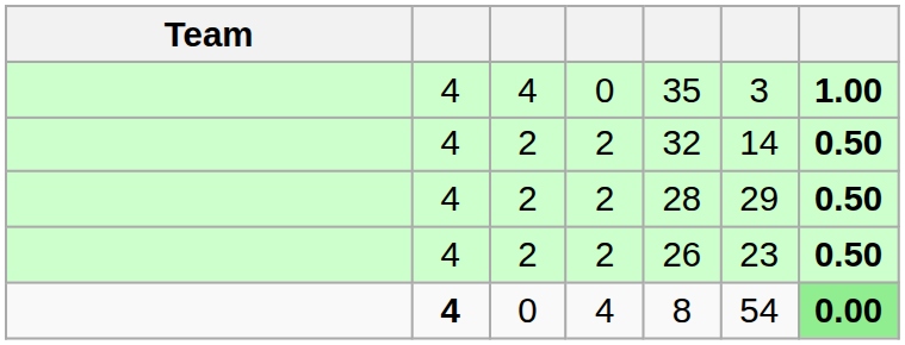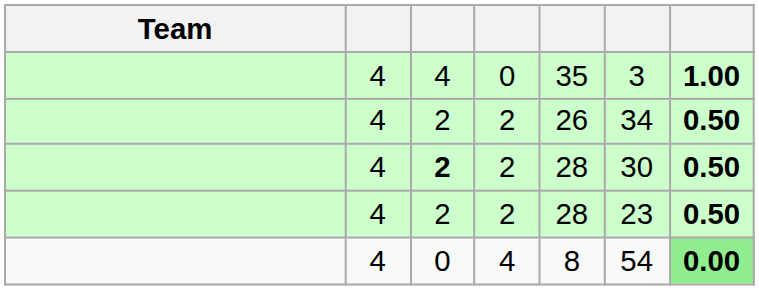 <table class="wikitable" style="text-align:center; font-size:90%;">
 <tr>
 <th width=160>Team</th>
 <th width=25></th>
 <th width=25></th>
 <th width=25></th>
 <th width=25></th>
 <th width=25></th>
 <th width=35></th>
 </tr>
 <tr bgcolor=#ccffcc>
 <td align=left></td>
 <td>4</td>
 <td>4</td>
 <td>0</td>
 <td>35</td>
 <td>3</td>
 <td><strong>1.00</strong></td>
 </tr>
 <tr bgcolor=#ccffcc>
 <td align=left></td>
 <td>4</td>
 <td>2</td>
 <td>2</td>
-<td>32</td>
-<td>14</td>
+<td>26</td>
+<td>34</td>
+<td><strong>0.50</strong></td>
+</tr>
+<tr bgcolor=#ccffcc>
+<td align=left></td>
+<td>4</td>
+<td><strong>2</strong></td>
+<td>2</td>
+<td>28</td>
+<td>30</td>
 <td><strong>0.50</strong></td>
 </tr>
 <tr bgcolor=#ccffcc>
 <td align=left></td>
 <td>4</td>
 <td>2</td>
 <td>2</td>
 <td>28</td>
-<td>29</td>
-<td><strong>0.50</strong></td>
-</tr>
-<tr bgcolor=#ccffcc>
-<td align=left></td>
-<td>4</td>
-<td>2</td>
-<td>2</td>
-<td>26</td>
 <td>23</td>
 <td><strong>0.50</strong></td>
 </tr>
 <tr>
 <td align=left></td>
-<td><strong>4</strong></td>
+<td>4</td>
 <td>0</td>
 <td>4</td>
 <td>8</td>
 <td>54</td>
 <td style="background: lightgreen;"><strong>0.00</strong></td>
 </tr>
 </table>
